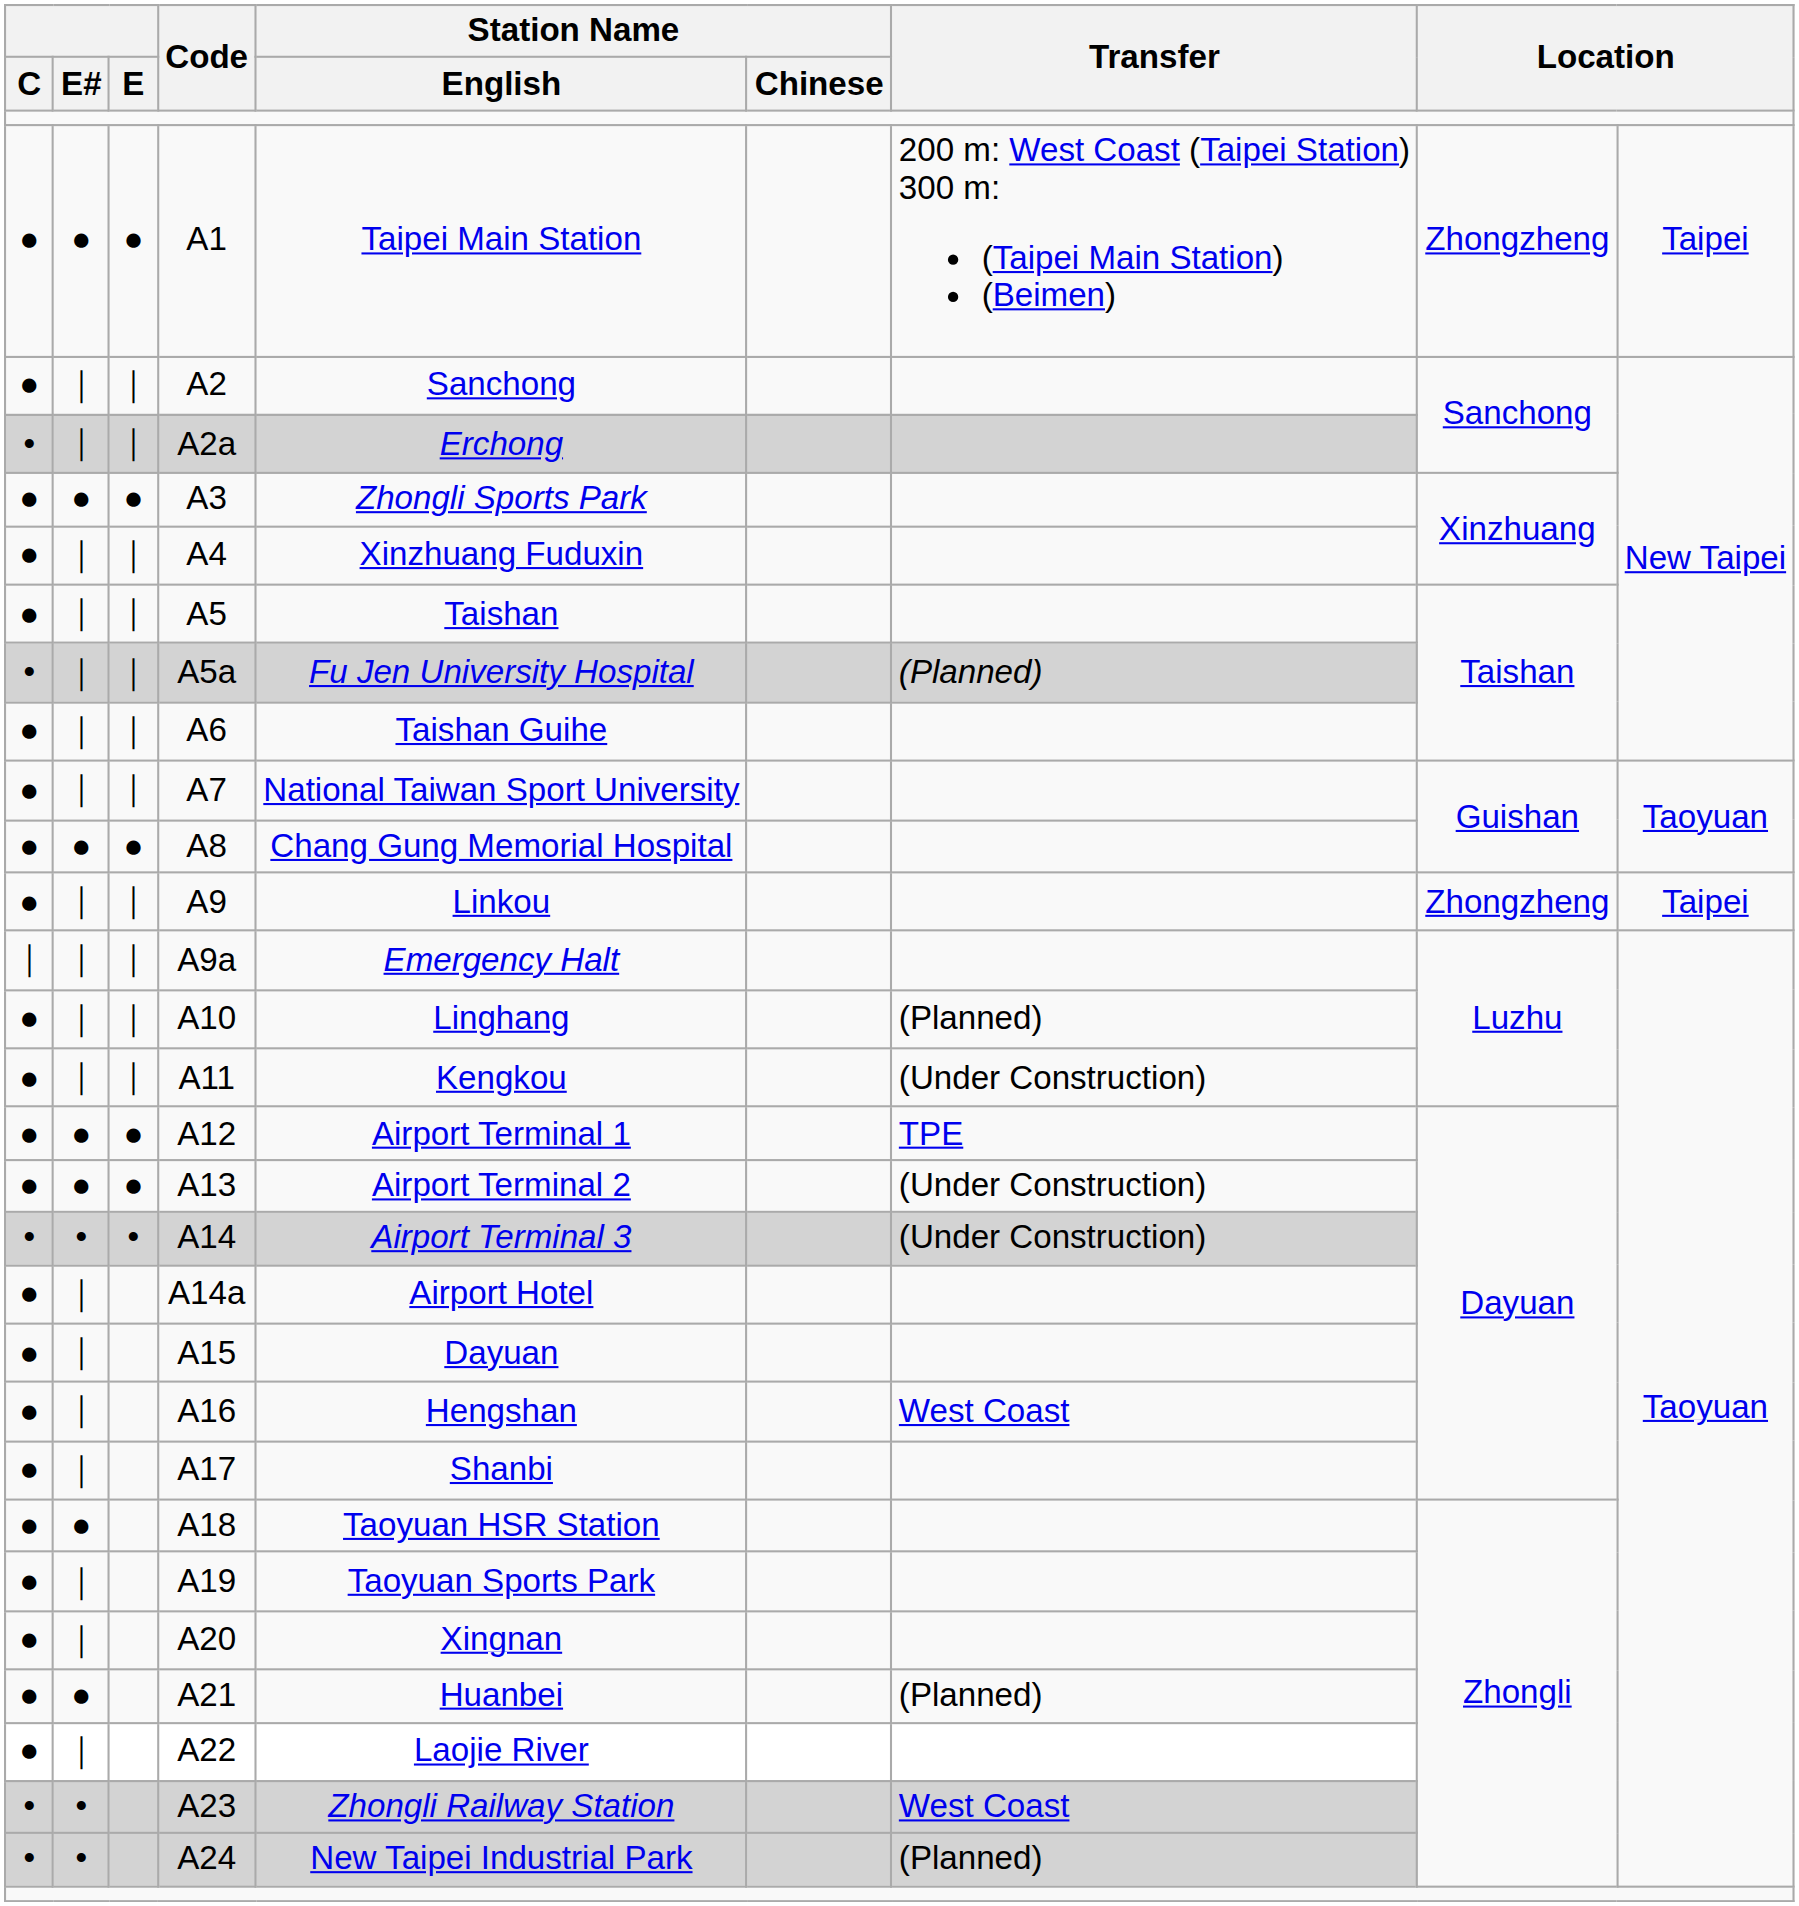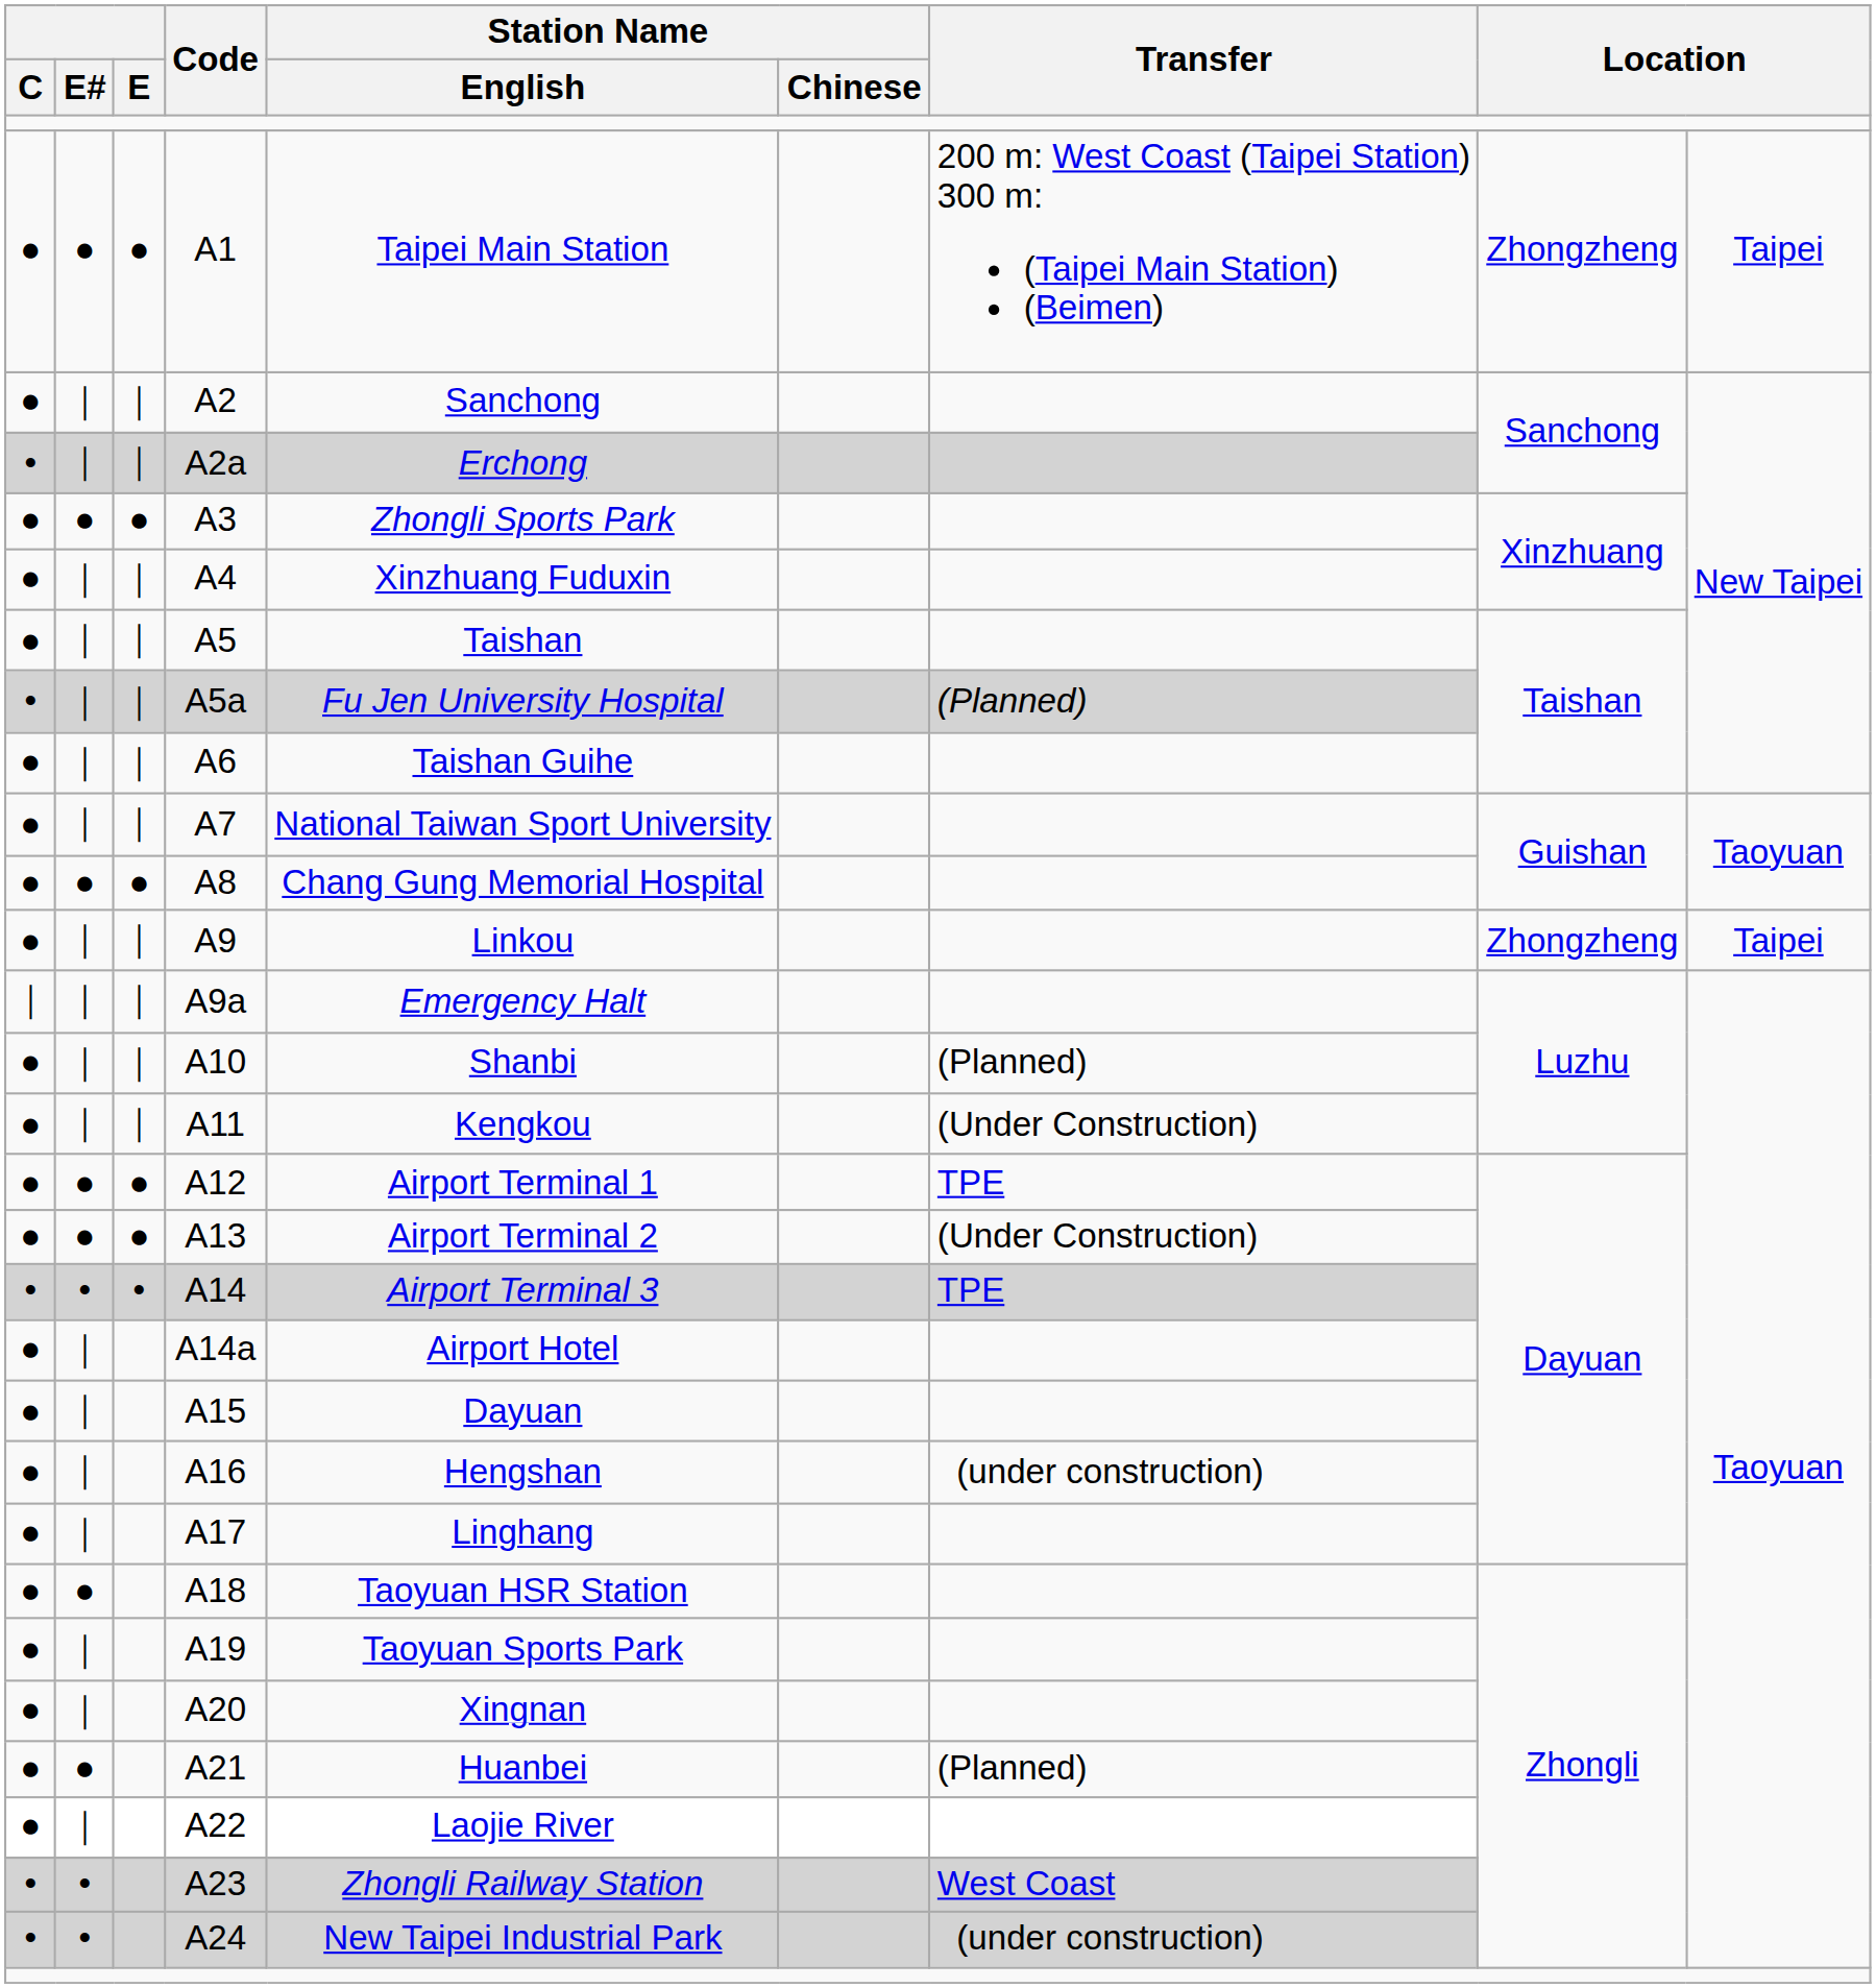 <table class="wikitable">
 <tr align=center>
 <th colspan="3"></th>
 <th rowspan=2>Code</th>
 <th colspan=2>Station Name</th>
 <th rowspan=2>Transfer</th>
 <th colspan=2 rowspan=2>Location</th>
 </tr>
 <tr align="center">
 <th>C</th>
 <th>E#</th>
 <th>E</th>
 <th>English</th>
 <th>Chinese</th>
 </tr>
 <tr align=center>
 <td colspan="9"></td>
 </tr>
 <tr align=center>
 <td>●</td>
 <td>●</td>
 <td>●</td>
 <td><span>A1</span></td>
 <td><a href='#'>Taipei Main Station</a></td>
 <td></td>
 <td align=left>200 m:  <a href='#'>West Coast</a>    (<a href='#'>Taipei Station</a>)<br>300 m:<br><ul><li>      (<a href='#'>Taipei Main Station</a>)</li><li>   (<a href='#'>Beimen</a>)</li></ul></td>
 <td><a href='#'>Zhongzheng</a></td>
 <td><a href='#'>Taipei</a></td>
 </tr>
 <tr align=center>
 <td>●</td>
 <td>｜</td>
 <td>｜</td>
 <td><span>A2</span></td>
 <td><a href='#'>Sanchong</a></td>
 <td></td>
 <td align=left>  </td>
 <td rowspan=2><a href='#'>Sanchong</a></td>
 <td rowspan=7><a href='#'>New Taipei</a></td>
 </tr>
 <tr align=center bgcolor="lightgrey">
 <td>•</td>
 <td>｜</td>
 <td>｜</td>
 <td bgcolor="lightgrey"><span>A2a</span></td>
 <td bgcolor="lightgrey"><em><a href='#'>Erchong</a></em></td>
 <td bgcolor="lightgrey"><em></em></td>
 <td align=left></td>
 </tr>
 <tr align=center>
 <td>●</td>
 <td>●</td>
 <td>●</td>
 <td><span>A3</span></td>
 <td><em><a href='#'>Zhongli Sports Park</a></em></td>
 <td></td>
 <td align=left>  </td>
 <td rowspan=2><a href='#'>Xinzhuang</a></td>
 </tr>
 <tr align=center>
 <td>●</td>
 <td>｜</td>
 <td>｜</td>
 <td><span>A4</span></td>
 <td><a href='#'>Xinzhuang Fuduxin</a></td>
 <td></td>
 <td align=left></td>
 </tr>
 <tr align=center>
 <td>●</td>
 <td>｜</td>
 <td>｜</td>
 <td><span>A5</span></td>
 <td><a href='#'>Taishan</a></td>
 <td></td>
 <td align=left></td>
 <td rowspan=3><a href='#'>Taishan</a></td>
 </tr>
 <tr align=center bgcolor="lightgrey">
 <td>•</td>
 <td>｜</td>
 <td>｜</td>
 <td bgcolor="lightgrey"><span>A5a</span></td>
 <td bgcolor="lightgrey"><em><a href='#'>Fu Jen University Hospital</a></em></td>
 <td bgcolor="lightgrey"><em></em></td>
 <td align=left>  <em>(Planned)</em></td>
 </tr>
 <tr align=center>
 <td>●</td>
 <td>｜</td>
 <td>｜</td>
 <td><span>A6</span></td>
 <td><a href='#'>Taishan Guihe</a></td>
 <td></td>
 <td align=left></td>
 </tr>
 <tr align=center>
 <td>●</td>
 <td>｜</td>
 <td>｜</td>
 <td><span>A7</span></td>
 <td><a href='#'>National Taiwan Sport University</a></td>
 <td></td>
 <td align=left></td>
 <td rowspan=2><a href='#'>Guishan</a></td>
 <td rowspan=2><a href='#'>Taoyuan</a></td>
 </tr>
 <tr align=center>
 <td>●</td>
 <td>●</td>
 <td>●</td>
 <td><span>A8</span></td>
 <td><a href='#'>Chang Gung Memorial Hospital</a></td>
 <td></td>
 <td align=left></td>
 </tr>
 <tr align=center>
 <td>●</td>
 <td>｜</td>
 <td>｜</td>
 <td><span>A9</span></td>
 <td><a href='#'>Linkou</a></td>
 <td></td>
 <td align=left></td>
 <td><a href='#'>Zhongzheng</a></td>
 <td><a href='#'>Taipei</a></td>
 </tr>
 <tr align=center>
 <td>｜</td>
 <td>｜</td>
 <td>｜</td>
 <td><span>A9a</span></td>
 <td><em><a href='#'>Emergency Halt</a></em></td>
 <td><em></em></td>
 <td></td>
 <td rowspan="3"><a href='#'>Luzhu</a></td>
 <td rowspan="17"><a href='#'>Taoyuan</a></td>
 </tr>
 <tr align="center">
 <td>●</td>
 <td>｜</td>
 <td>｜</td>
 <td><span>A10</span></td>
-<td><a href='#'>Linghang</a></td>
+<td><a href='#'>Shanbi</a></td>
 <td></td>
 <td align="left"> (Planned)</td>
 </tr>
 <tr align="center">
 <td>●</td>
 <td>｜</td>
 <td>｜</td>
 <td><span>A11</span></td>
 <td><a href='#'>Kengkou</a></td>
 <td></td>
 <td align=left> (Under Construction)</td>
 </tr>
 <tr align=center>
 <td>●</td>
 <td>●</td>
 <td>●</td>
 <td><span>A12</span></td>
 <td><a href='#'>Airport Terminal 1</a></td>
 <td></td>
 <td align=left> <a href='#'>TPE</a></td>
 <td rowspan=7><a href='#'>Dayuan</a></td>
 </tr>
 <tr align=center>
 <td>●</td>
 <td>●</td>
 <td>●</td>
 <td><span>A13</span></td>
 <td><a href='#'>Airport Terminal 2</a></td>
 <td></td>
 <td align=left> (Under Construction)</td>
 </tr>
 <tr align=center bgcolor="lightgrey">
 <td>•</td>
 <td>•</td>
 <td>•</td>
 <td bgcolor="lightgrey"><span>A14</span></td>
 <td bgcolor="lightgrey"><em><a href='#'>Airport Terminal 3</a></em></td>
 <td bgcolor="lightgrey"><em></em></td>
-<td align=left> (Under Construction)</td>
+<td align=left> <a href='#'>TPE</a></td>
 </tr>
 <tr align=center>
 <td>●</td>
 <td>｜</td>
 <td></td>
 <td><span>A14a</span></td>
 <td><a href='#'>Airport Hotel</a></td>
 <td></td>
 <td align=left></td>
 </tr>
 <tr align=center>
 <td>●</td>
 <td>｜</td>
 <td></td>
 <td><span>A15</span></td>
 <td><a href='#'>Dayuan</a></td>
 <td></td>
 <td align=left></td>
 </tr>
 <tr align=center>
 <td>●</td>
 <td>｜</td>
 <td></td>
 <td><span>A16</span></td>
 <td><a href='#'>Hengshan</a></td>
 <td></td>
-<td align=left> <a href='#'>West Coast</a> </td>
+<td align=left>  (under construction)</td>
 </tr>
 <tr align=center>
 <td>●</td>
 <td>｜</td>
 <td></td>
 <td><span>A17</span></td>
-<td><a href='#'>Shanbi</a></td>
+<td><a href='#'>Linghang</a></td>
 <td></td>
 <td align=left></td>
 </tr>
 <tr align=center>
 <td>●</td>
 <td>●</td>
 <td></td>
 <td><span>A18</span></td>
 <td><a href='#'>Taoyuan HSR Station</a></td>
 <td></td>
 <td align=left> </td>
 <td rowspan="7"><a href='#'>Zhongli</a></td>
 </tr>
 <tr align=center>
 <td>●</td>
 <td>｜</td>
 <td></td>
 <td><span>A19</span></td>
 <td><a href='#'>Taoyuan Sports Park</a></td>
 <td></td>
 <td align=left></td>
 </tr>
 <tr align=center>
 <td>●</td>
 <td>｜</td>
 <td></td>
 <td><span>A20</span></td>
 <td><a href='#'>Xingnan</a></td>
 <td></td>
 <td align=left></td>
 </tr>
 <tr align=center>
 <td>●</td>
 <td>●</td>
 <td></td>
 <td><span>A21</span></td>
 <td><a href='#'>Huanbei</a></td>
 <td></td>
 <td align=left> (Planned)</td>
 </tr>
 <tr align=center bgcolor="white">
 <td>●</td>
 <td>｜</td>
 <td></td>
 <td bgcolor="white"><span>A22</span></td>
 <td bgcolor="white"><a href='#'>Laojie River</a></td>
 <td bgcolor="white"></td>
 <td align=left></td>
 </tr>
 <tr align=center bgcolor="lightgrey">
 <td>•</td>
 <td>•</td>
 <td></td>
 <td bgcolor="lightgrey"><span>A23</span></td>
 <td bgcolor="lightgrey"><em><a href='#'>Zhongli Railway Station</a></em></td>
 <td bgcolor="lightgrey"><em></em></td>
 <td align=left> <a href='#'>West Coast</a> </td>
 </tr>
 <tr align=center bgcolor="lightgrey">
 <td>•</td>
 <td>•</td>
 <td></td>
 <td bgcolor="lightgrey"><span>A24</span></td>
 <td><a href='#'>New Taipei Industrial Park</a></td>
 <td><em></em></td>
-<td align=left> (Planned)</td>
+<td align=left>  (under construction)</td>
 </tr>
 <tr>
 <td colspan="9"></td>
 </tr>
 </table>
